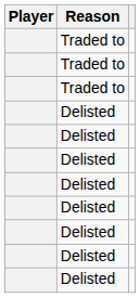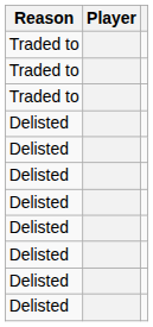 <table class="wikitable plainrowheaders">
 <tr>
+<th scope="col">Reason</th>
 <th scope="col">Player</th>
-<th scope="col">Reason</th>
 <th scope="col"></th>
 </tr>
 <tr>
+<td>Traded to </td>
 <th scope="row"></th>
-<td>Traded to </td>
 <td align="center"></td>
 </tr>
 <tr>
+<td>Traded to </td>
 <th scope="row"></th>
-<td>Traded to </td>
 <td align="center"></td>
 </tr>
 <tr>
+<td>Traded to </td>
 <th scope="row"></th>
-<td>Traded to </td>
 <td align="center"></td>
 </tr>
 <tr>
+<td>Delisted</td>
 <th scope="row"></th>
-<td>Delisted</td>
 <td align="center"></td>
 </tr>
 <tr>
+<td>Delisted</td>
 <th scope="row"></th>
-<td>Delisted</td>
 <td align="center"></td>
 </tr>
 <tr>
+<td>Delisted</td>
 <th scope="row"></th>
-<td>Delisted</td>
 <td align="center"></td>
 </tr>
 <tr>
+<td>Delisted</td>
 <th scope="row"></th>
-<td>Delisted</td>
 <td align="center"></td>
 </tr>
 <tr>
+<td>Delisted</td>
 <th scope="row"></th>
-<td>Delisted</td>
 <td align="center"></td>
 </tr>
 <tr>
+<td>Delisted</td>
 <th scope="row"></th>
-<td>Delisted</td>
 <td align="center"></td>
 </tr>
 <tr>
+<td>Delisted</td>
 <th scope="row"></th>
-<td>Delisted</td>
 <td align="center"></td>
 </tr>
 <tr>
+<td>Delisted</td>
 <th scope="row"></th>
-<td>Delisted</td>
 <td align="center"></td>
 </tr>
 </table>
